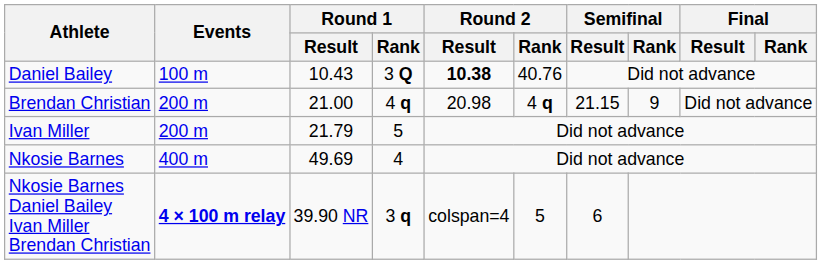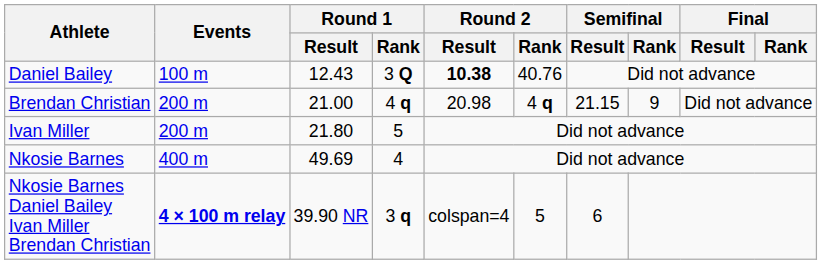 <table class=wikitable style="font-size:90%">
 <tr>
 <th rowspan="2">Athlete</th>
 <th rowspan="2">Events</th>
 <th colspan="2">Round 1</th>
 <th colspan="2">Round 2</th>
 <th colspan="2">Semifinal</th>
 <th colspan="2">Final</th>
 </tr>
 <tr>
 <th>Result</th>
 <th>Rank</th>
 <th>Result</th>
 <th>Rank</th>
 <th>Result</th>
 <th>Rank</th>
 <th>Result</th>
 <th>Rank</th>
 </tr>
 <tr>
 <td><a href='#'>Daniel Bailey</a></td>
 <td><a href='#'>100 m</a></td>
-<td align="center">10.43</td>
+<td align="center">12.43</td>
 <td align="center">3 <strong>Q</strong></td>
 <td align="center"><strong>10.38</strong></td>
 <td align="center">40.76</td>
 <td colspan="4" align="center">Did not advance</td>
 </tr>
 <tr>
 <td><a href='#'>Brendan Christian</a></td>
 <td><a href='#'>200 m</a></td>
 <td align="center">21.00</td>
 <td align="center">4 <strong>q</strong></td>
 <td align="center">20.98</td>
 <td align="center">4 <strong>q</strong></td>
 <td align="center">21.15</td>
 <td align="center">9</td>
 <td colspan="2" align="center">Did not advance</td>
 </tr>
 <tr>
 <td><a href='#'>Ivan Miller</a></td>
 <td><a href='#'>200 m</a></td>
-<td align="center">21.79</td>
+<td align="center">21.80</td>
 <td align="center">5</td>
 <td colspan="6" align="center">Did not advance</td>
 </tr>
 <tr>
 <td><a href='#'>Nkosie Barnes</a></td>
 <td><a href='#'>400 m</a></td>
 <td align="center">49.69</td>
 <td align="center">4</td>
 <td colspan="6" align="center">Did not advance</td>
 </tr>
 <tr>
 <td><a href='#'>Nkosie Barnes</a><br><a href='#'>Daniel Bailey</a><br><a href='#'>Ivan Miller</a><br><a href='#'>Brendan Christian</a></td>
 <td><strong><a href='#'>4 × 100 m relay</a></strong></td>
 <td align="center">39.90 <a href='#'>NR</a></td>
 <td align="center">3 <strong>q</strong></td>
 <td>colspan=4 </td>
 <td align="center">5</td>
 <td align="center">6</td>
 </tr>
 </table>
